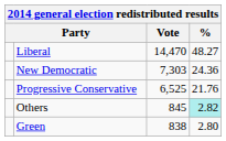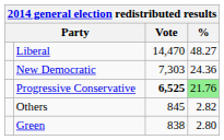 <table class="wikitable">
 <tr>
 <th colspan="4"><a href='#'>2014 general election</a> redistributed results</th>
 </tr>
 <tr>
 <th bgcolor="#DDDDFF" width="130px" colspan="2">Party</th>
 <th bgcolor="#DDDDFF" width="50px">Vote</th>
 <th bgcolor="#DDDDFF" width="30px">%</th>
 </tr>
 <tr>
 <td> </td>
 <td><a href='#'>Liberal</a></td>
 <td align=right>14,470</td>
 <td align=right>48.27</td>
 </tr>
 <tr>
 <td> </td>
 <td><a href='#'>New Democratic</a></td>
 <td align=right>7,303</td>
 <td align=right>24.36</td>
 </tr>
 <tr>
 <td> </td>
 <td><a href='#'>Progressive Conservative</a></td>
-<td align=right>6,525</td>
-<td align=right>21.76</td>
+<td align=right><strong>6,525</strong></td>
+<td align=right style="background: lightgreen;">21.76</td>
 </tr>
 <tr>
 <td> </td>
 <td>Others</td>
 <td align=right>845</td>
-<td align=right style="background: paleturquoise;">2.82</td>
+<td align=right>2.82</td>
 </tr>
 <tr>
 <td> </td>
 <td><a href='#'>Green</a></td>
 <td align=right>838</td>
 <td align=right>2.80</td>
 </tr>
 </table>
